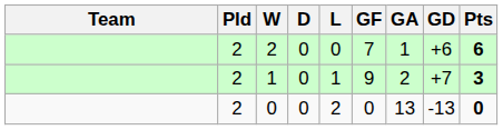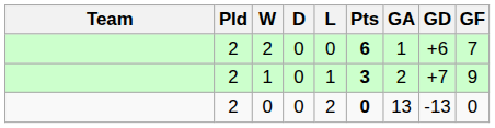 <table class="wikitable" style="text-align:center;">
 <tr>
 <th width=175>Team</th>
 <th style="width:20px;" abbr="Played">Pld</th>
 <th style="width:20px;" abbr="Won">W</th>
 <th style="width:20px;" abbr="Drawn">D</th>
 <th style="width:20px;" abbr="Lost">L</th>
-<th style="width:20px;" abbr="Goals for">GF</th>
+<th style="width:20px;" abbr="Points">Pts</th>
 <th style="width:20px;" abbr="Goals against">GA</th>
 <th style="width:20px;" abbr="Goal difference">GD</th>
-<th style="width:20px;" abbr="Points">Pts</th>
+<th style="width:20px;" abbr="Goals for">GF</th>
 </tr>
 <tr style="background:#cfc;">
 <td align=left></td>
 <td>2</td>
 <td>2</td>
 <td>0</td>
 <td>0</td>
-<td>7</td>
+<td><strong>6</strong></td>
 <td>1</td>
 <td>+6</td>
-<td><strong>6</strong></td>
+<td>7</td>
 </tr>
 <tr style="background:#cfc;">
 <td align=left></td>
 <td>2</td>
 <td>1</td>
 <td>0</td>
 <td>1</td>
-<td>9</td>
+<td><strong>3</strong></td>
 <td>2</td>
 <td>+7</td>
-<td><strong>3</strong></td>
+<td>9</td>
 </tr>
 <tr>
 <td align=left></td>
 <td>2</td>
 <td>0</td>
 <td>0</td>
 <td>2</td>
-<td>0</td>
+<td><strong>0</strong></td>
 <td>13</td>
 <td>-13</td>
-<td><strong>0</strong></td>
+<td>0</td>
 </tr>
 </table>
